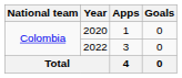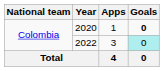 <table class="wikitable" style="text-align:center">
 <tr>
 <th>National team</th>
 <th>Year</th>
 <th>Apps</th>
 <th>Goals</th>
 </tr>
 <tr>
 <td rowspan="2"><a href='#'>Colombia</a></td>
 <td>2020</td>
 <td>1</td>
-<td>0</td>
+<td><strong>0</strong></td>
 </tr>
 <tr>
 <td>2022</td>
 <td>3</td>
-<td>0</td>
+<td style="background: paleturquoise;">0</td>
 </tr>
 <tr>
 <th colspan="2">Total</th>
 <th>4</th>
 <th>0</th>
 </tr>
 </table>
